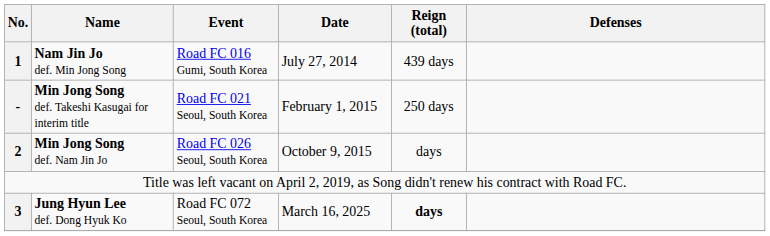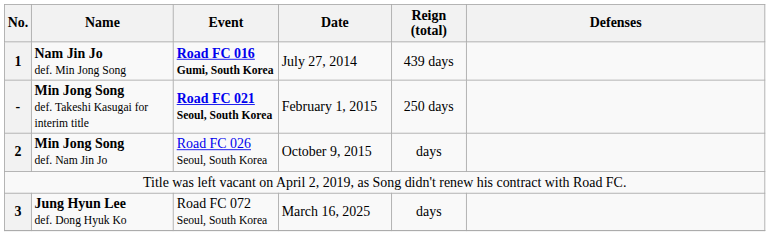 <table class="wikitable" style="width:99%;">
 <tr>
 <th style="width:2%;">No.</th>
 <th style="width:19%;">Name</th>
 <th style="width:14%;">Event</th>
 <th style="width:15%;">Date</th>
 <th style="width:10%;">Reign<br>(total)</th>
 <th style="width:40%;">Defenses</th>
 </tr>
 <tr>
 <th>1</th>
 <td> <strong>Nam Jin Jo</strong><br><small>def. Min Jong Song</small></td>
-<td><a href='#'>Road FC 016</a><br><small>Gumi, South Korea</small></td>
+<td><strong><a href='#'>Road FC 016</a><br><small>Gumi, South Korea</small></strong></td>
 <td>July 27, 2014</td>
 <td style="text-align:center;">439 days<br></td>
 <td></td>
 </tr>
 <tr>
 <th>-</th>
 <td> <strong>Min Jong Song</strong><br><small>def. Takeshi Kasugai for interim title</small></td>
-<td><a href='#'>Road FC 021</a><br><small>Seoul, South Korea</small></td>
+<td><strong><a href='#'>Road FC 021</a><br><small>Seoul, South Korea</small></strong></td>
 <td>February 1, 2015</td>
 <td style="text-align:center;">250 days<br></td>
 <td></td>
 </tr>
 <tr>
 <th>2</th>
 <td> <strong>Min Jong Song</strong><br><small>def. Nam Jin Jo</small></td>
 <td><a href='#'>Road FC 026</a><br><small>Seoul, South Korea</small></td>
 <td>October 9, 2015</td>
 <td style="text-align:center;"> days<br></td>
 <td></td>
 </tr>
 <tr>
 <td style="text-align:center;" colspan="6">Title was left vacant on April 2, 2019, as Song didn't renew his contract with Road FC.</td>
 </tr>
 <tr>
 <th>3</th>
 <td> <strong>Jung Hyun Lee</strong><br><small>def. Dong Hyuk Ko</small></td>
 <td>Road FC 072<br><small>Seoul, South Korea</small></td>
 <td>March 16, 2025</td>
-<td style="text-align:center;"><strong> days<br></strong></td>
+<td style="text-align:center;"> days<br></td>
 <td></td>
 </tr>
 <tr>
 </tr>
 </table>
